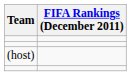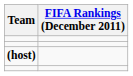 <table class="wikitable sortable" style="text-align: left;">
 <tr>
 <th>Team</th>
 <th><a href='#'>FIFA Rankings</a><br>(December 2011)</th>
 </tr>
 <tr>
 <td></td>
 <td></td>
 </tr>
 <tr>
 <td></td>
 <td></td>
 </tr>
 <tr>
-<td> (host)</td>
+<td><strong> (host)</strong></td>
 <td></td>
 </tr>
 <tr>
 <td></td>
 <td></td>
 </tr>
 </table>
